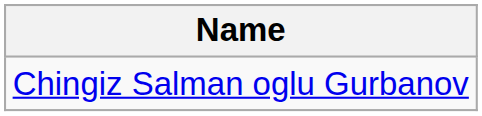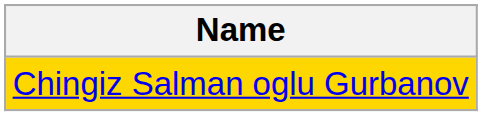 <table class="wikitable">
 <tr>
 <th>Name</th>
 </tr>
 <tr>
-<td><a href='#'>Chingiz Salman oglu Gurbanov</a></td>
+<td style="background: gold;"><a href='#'>Chingiz Salman oglu Gurbanov</a></td>
 </tr>
 </table>
